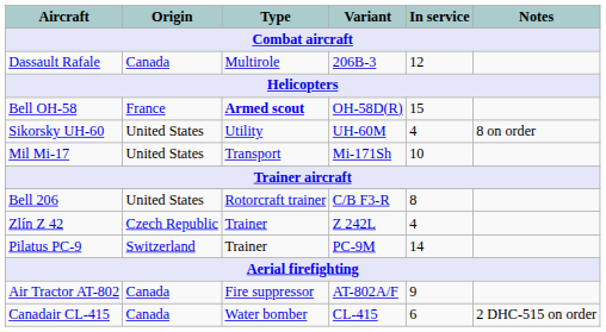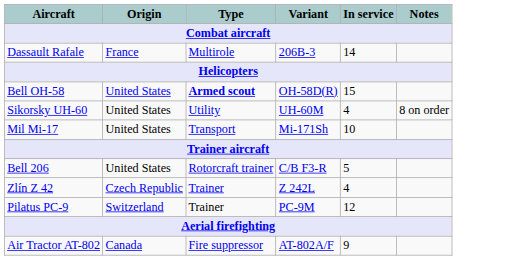 <table class="wikitable">
 <tr>
 <th style="text-align:center; background:#acc;">Aircraft</th>
 <th style="text-align:center; background:#acc;">Origin</th>
 <th style="text-align:center; background:#acc;">Type</th>
 <th style="text-align:center; background:#acc;">Variant</th>
 <th style="text-align:center; background:#acc;">In service</th>
 <th style="text-align:center; background:#acc;">Notes</th>
 </tr>
 <tr>
 <th colspan="6" style="align: center; background: lavender;"><a href='#'>Combat aircraft</a></th>
 </tr>
 <tr>
 <td><a href='#'>Dassault Rafale</a></td>
-<td><a href='#'>Canada</a></td>
+<td><a href='#'>France</a></td>
 <td><a href='#'>Multirole</a></td>
 <td><a href='#'>206B-3</a></td>
-<td>12</td>
+<td>14</td>
 <td></td>
 </tr>
 <tr>
 <th colspan="6" style="align: center; background: lavender;"><a href='#'>Helicopters</a></th>
 </tr>
 <tr>
 <td><a href='#'>Bell OH-58</a></td>
-<td><a href='#'>France</a></td>
+<td><a href='#'>United States</a></td>
 <td><strong><a href='#'>Armed scout</a></strong></td>
 <td><a href='#'>OH-58D(R)</a></td>
 <td>15</td>
 <td></td>
 </tr>
 <tr>
 <td><a href='#'>Sikorsky UH-60</a></td>
 <td>United States</td>
 <td><a href='#'>Utility</a></td>
 <td><a href='#'>UH-60M</a></td>
 <td>4</td>
 <td>8 on order</td>
 </tr>
 <tr>
 <td><a href='#'>Mil Mi-17</a></td>
 <td>United States</td>
 <td><a href='#'>Transport</a></td>
 <td><a href='#'>Mi-171Sh</a></td>
 <td>10</td>
 <td></td>
 </tr>
 <tr>
 <th colspan="6" style="align: center; background: lavender;"><a href='#'>Trainer aircraft</a></th>
 </tr>
 <tr>
 <td><a href='#'>Bell 206</a></td>
 <td>United States</td>
 <td><a href='#'>Rotorcraft trainer</a></td>
 <td><a href='#'>C/B F3-R</a></td>
-<td>8</td>
+<td>5</td>
 <td></td>
 </tr>
 <tr>
 <td><a href='#'>Zlín Z 42</a></td>
 <td><a href='#'>Czech Republic</a></td>
 <td><a href='#'>Trainer</a></td>
 <td><a href='#'>Z 242L</a></td>
 <td>4</td>
 <td></td>
 </tr>
 <tr>
 <td><a href='#'>Pilatus PC-9</a></td>
 <td><a href='#'>Switzerland</a></td>
 <td>Trainer</td>
 <td><a href='#'>PC-9M</a></td>
-<td>14</td>
+<td>12</td>
 <td></td>
 </tr>
 <tr>
 <th colspan="6" style="align: center; background: lavender;"><a href='#'>Aerial firefighting</a></th>
 </tr>
 <tr>
 <td><a href='#'>Air Tractor AT-802</a></td>
 <td><a href='#'>Canada</a></td>
 <td><a href='#'>Fire suppressor</a></td>
 <td><a href='#'>AT-802A/F</a></td>
 <td>9</td>
 <td></td>
 </tr>
-<tr>
-<td><a href='#'>Canadair CL-415</a></td>
-<td><a href='#'>Canada</a></td>
-<td><a href='#'>Water bomber</a></td>
-<td><a href='#'>CL-415</a></td>
-<td>6</td>
-<td>2 DHC-515 on order</td>
-</tr>
 </table>
